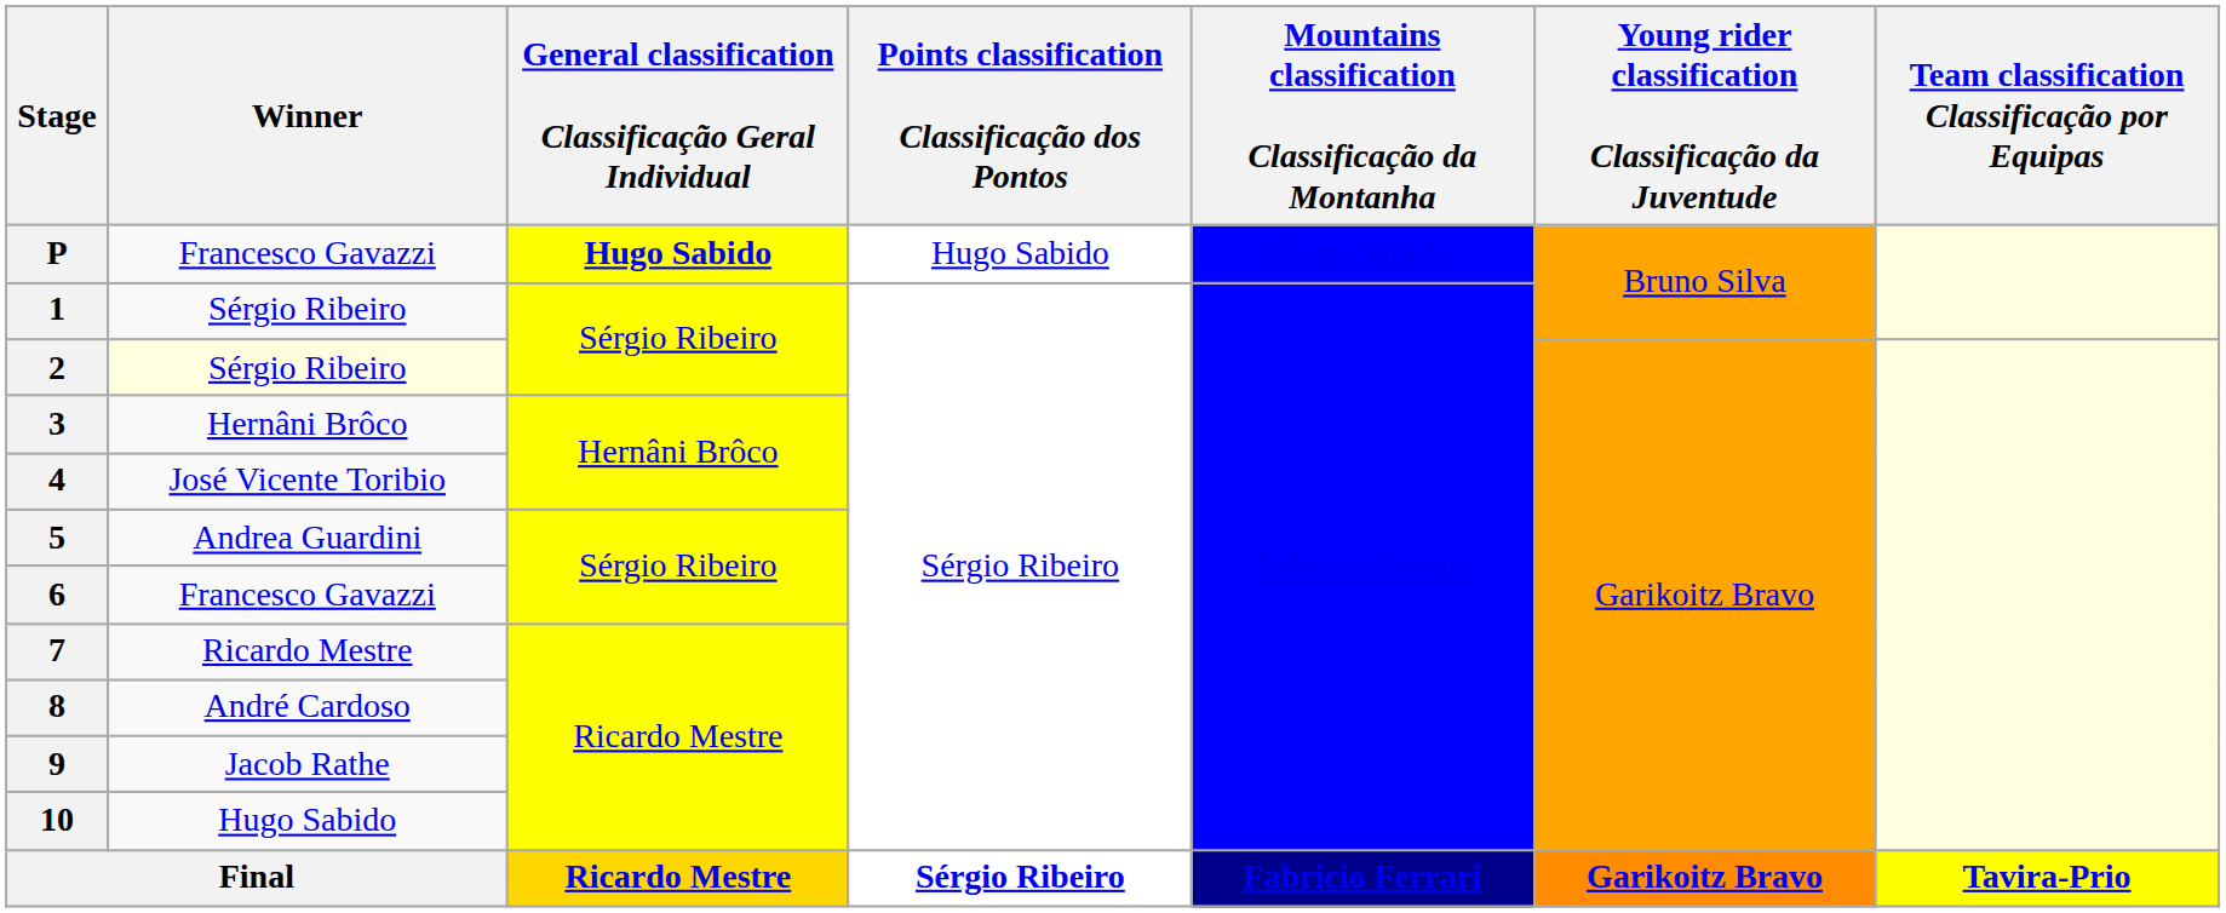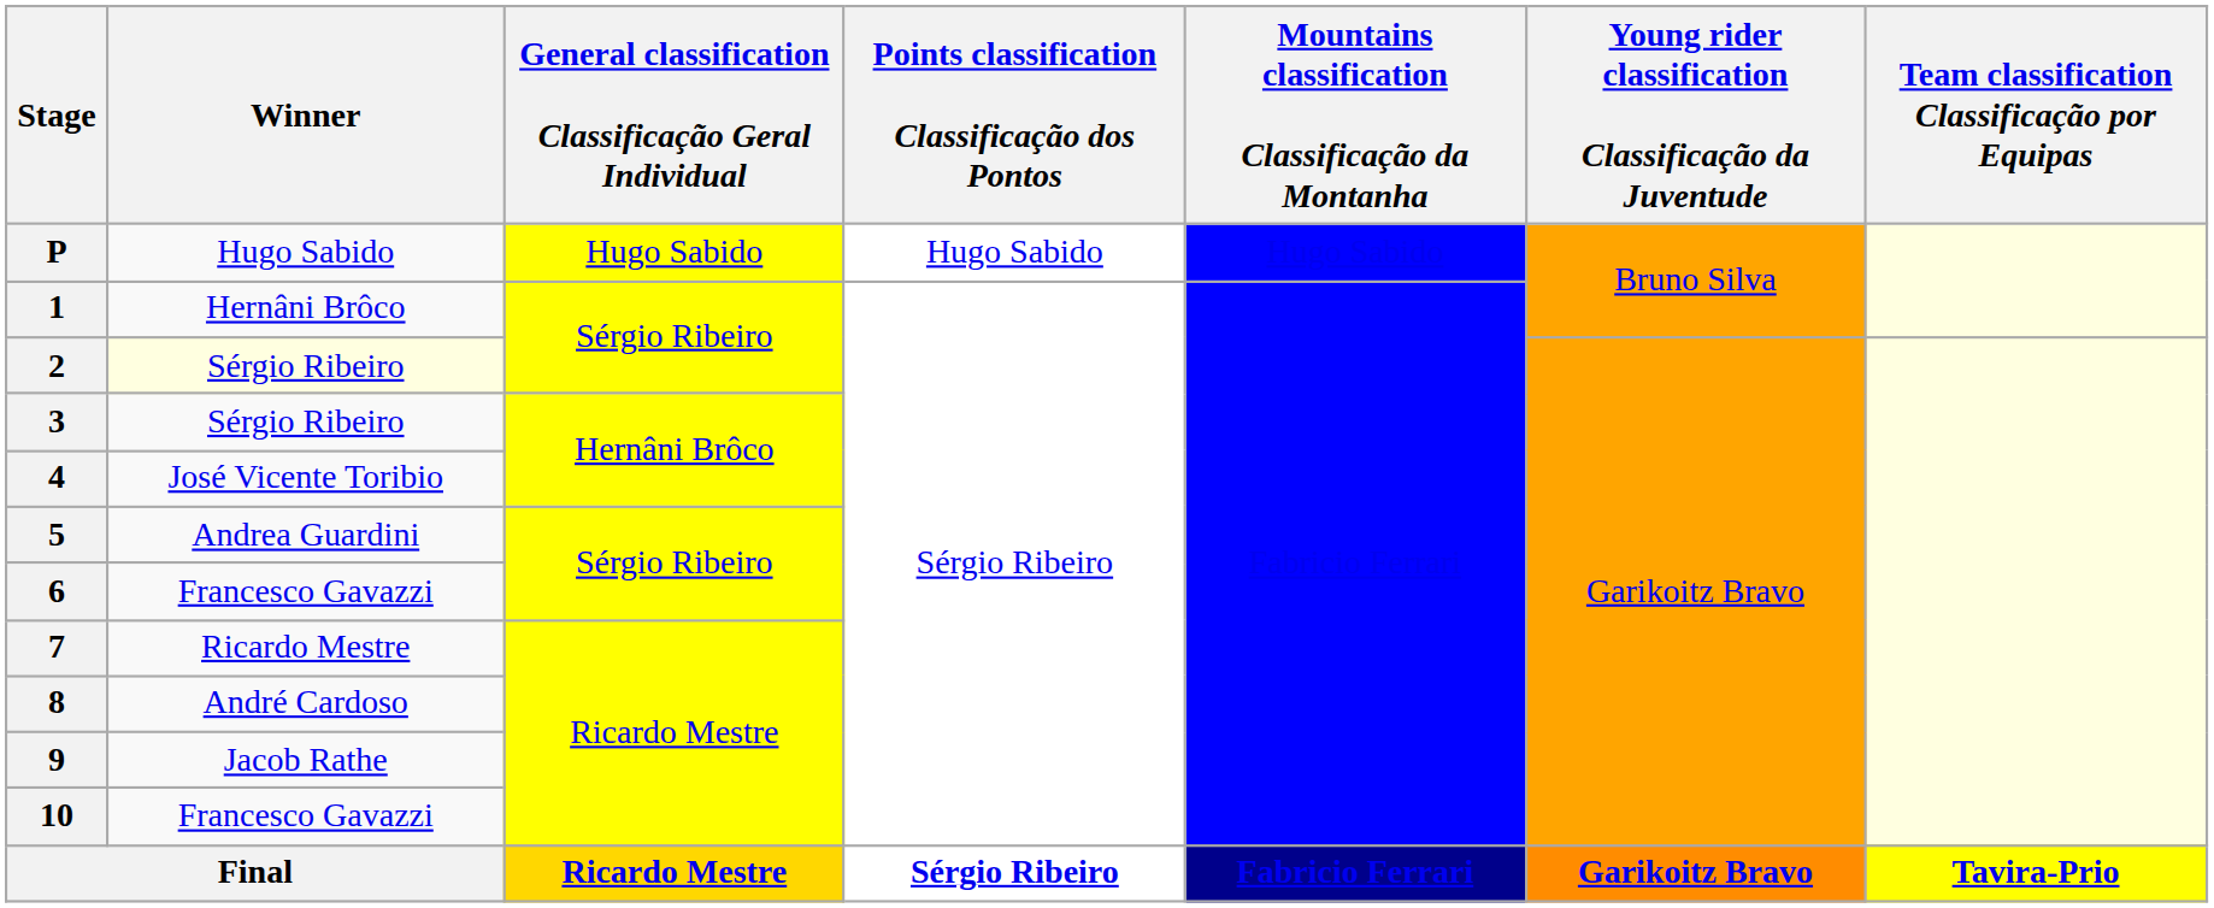 <table class="wikitable" style="text-align: center; font-size:smaller;">
 <tr>
 <th style="width:1%;">Stage</th>
 <th style="width:14%;">Winner</th>
 <th style="width:12%;"><a href='#'>General classification</a><br><br><em>Classificação Geral Individual</em></th>
 <th style="width:12%;"><a href='#'>Points classification</a><br><br><em>Classificação dos Pontos</em></th>
 <th style="width:12%;"><a href='#'>Mountains classification</a><br><br><em>Classificação da Montanha</em></th>
 <th style="width:12%;"><a href='#'>Young rider classification</a><br><br><em>Classificação da Juventude</em></th>
 <th style="width:12%;"><a href='#'>Team classification</a><br><em>Classificação por Equipas</em></th>
 </tr>
 <tr>
 <th>P</th>
-<td><a href='#'>Francesco Gavazzi</a></td>
-<td style="background:yellow;"><strong><a href='#'>Hugo Sabido</a></strong></td>
+<td><a href='#'>Hugo Sabido</a></td>
+<td style="background:yellow;"><a href='#'>Hugo Sabido</a></td>
 <td style="background:white;"><a href='#'>Hugo Sabido</a></td>
 <td style="background:blue;"><a href='#'>Hugo Sabido</a></td>
 <td style="background:orange;" rowspan=2><a href='#'>Bruno Silva</a></td>
 <td style="background:lightyellow;" rowspan=2></td>
 </tr>
 <tr>
 <th>1</th>
-<td><a href='#'>Sérgio Ribeiro</a></td>
+<td><a href='#'>Hernâni Brôco</a></td>
 <td style="background:yellow;" rowspan=2><a href='#'>Sérgio Ribeiro</a></td>
 <td style="background:white;" rowspan=10><a href='#'>Sérgio Ribeiro</a></td>
 <td style="background:blue;" rowspan=10><a href='#'>Fabricio Ferrari</a></td>
 </tr>
 <tr>
 <th>2</th>
 <td style="background: lightyellow;"><a href='#'>Sérgio Ribeiro</a></td>
 <td style="background:orange;" rowspan=9><a href='#'>Garikoitz Bravo</a></td>
 <td style="background:lightyellow;" rowspan=9></td>
 </tr>
 <tr>
 <th>3</th>
-<td><a href='#'>Hernâni Brôco</a></td>
+<td><a href='#'>Sérgio Ribeiro</a></td>
 <td style="background:yellow;" rowspan=2><a href='#'>Hernâni Brôco</a></td>
 </tr>
 <tr>
 <th>4</th>
 <td><a href='#'>José Vicente Toribio</a></td>
 </tr>
 <tr>
 <th>5</th>
 <td><a href='#'>Andrea Guardini</a></td>
 <td style="background:yellow;" rowspan=2><a href='#'>Sérgio Ribeiro</a></td>
 </tr>
 <tr>
 <th>6</th>
 <td><a href='#'>Francesco Gavazzi</a></td>
 </tr>
 <tr>
 <th>7</th>
 <td><a href='#'>Ricardo Mestre</a></td>
 <td style="background:yellow;" rowspan=4><a href='#'>Ricardo Mestre</a></td>
 </tr>
 <tr>
 <th>8</th>
 <td><a href='#'>André Cardoso</a></td>
 </tr>
 <tr>
 <th>9</th>
 <td><a href='#'>Jacob Rathe</a></td>
 </tr>
 <tr>
 <th>10</th>
-<td><a href='#'>Hugo Sabido</a></td>
+<td><a href='#'>Francesco Gavazzi</a></td>
 </tr>
 <tr>
 <th colspan=2><strong>Final</strong></th>
 <th style="background:gold;"><a href='#'>Ricardo Mestre</a></th>
 <th style="background:white;"><a href='#'>Sérgio Ribeiro</a></th>
 <th style="background:darkblue;"><a href='#'>Fabricio Ferrari</a></th>
 <th style="background:darkorange;"><a href='#'>Garikoitz Bravo</a></th>
 <th style="background:yellow;"><a href='#'>Tavira-Prio</a></th>
 </tr>
 </table>
